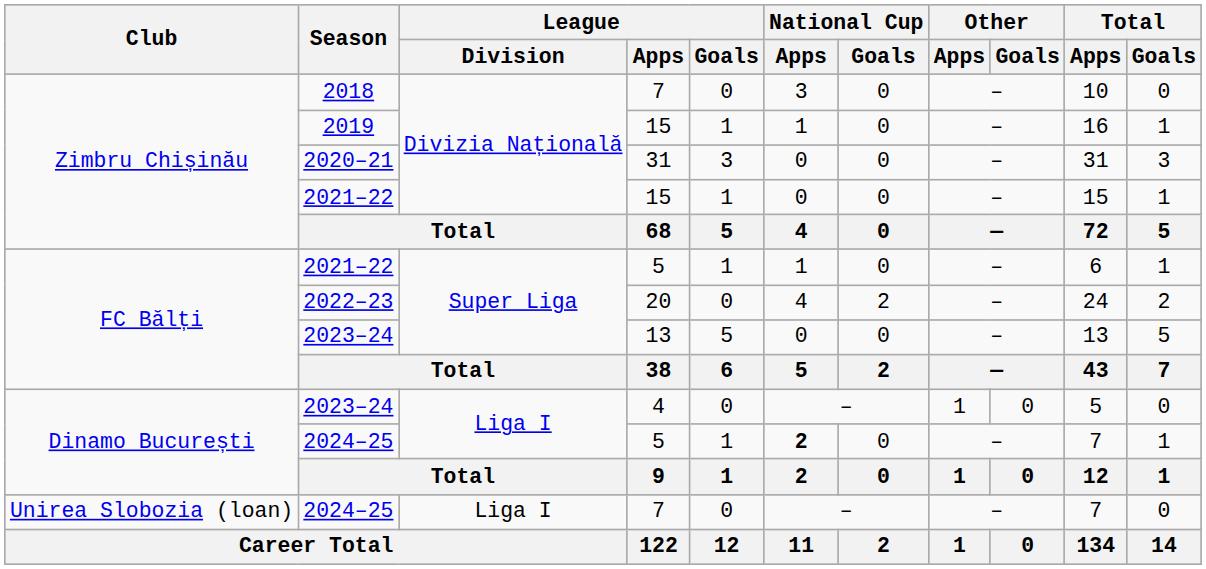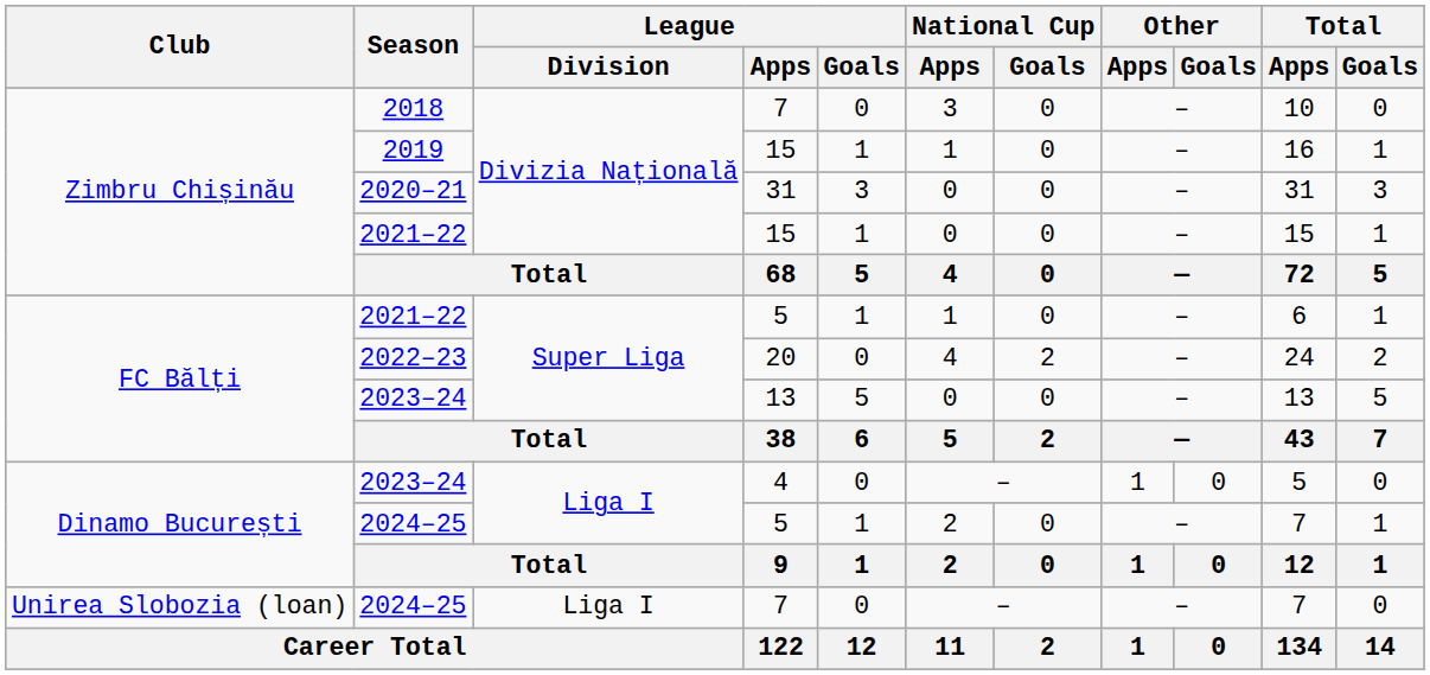 <table class=wikitable style=text-align:center>
 <tr>
 <th rowspan=2>Club</th>
 <th rowspan=2>Season</th>
 <th colspan=3>League</th>
 <th colspan=2>National Cup</th>
 <th colspan=2>Other</th>
 <th colspan=2>Total</th>
 </tr>
 <tr>
 <th>Division</th>
 <th>Apps</th>
 <th>Goals</th>
 <th>Apps</th>
 <th>Goals</th>
 <th>Apps</th>
 <th>Goals</th>
 <th>Apps</th>
 <th>Goals</th>
 </tr>
 <tr>
 <td rowspan="5"><a href='#'>Zimbru Chișinău</a></td>
 <td><a href='#'>2018</a></td>
 <td rowspan="4"><a href='#'>Divizia Națională</a></td>
 <td>7</td>
 <td>0</td>
 <td>3</td>
 <td>0</td>
 <td colspan="2">–</td>
 <td>10</td>
 <td>0</td>
 </tr>
 <tr>
 <td><a href='#'>2019</a></td>
 <td>15</td>
 <td>1</td>
 <td>1</td>
 <td>0</td>
 <td colspan="2">–</td>
 <td>16</td>
 <td>1</td>
 </tr>
 <tr>
 <td><a href='#'>2020–21</a></td>
 <td>31</td>
 <td>3</td>
 <td>0</td>
 <td>0</td>
 <td colspan="2">–</td>
 <td>31</td>
 <td>3</td>
 </tr>
 <tr>
 <td><a href='#'>2021–22</a></td>
 <td>15</td>
 <td>1</td>
 <td>0</td>
 <td>0</td>
 <td colspan="2">–</td>
 <td>15</td>
 <td>1</td>
 </tr>
 <tr>
 <th colspan="2">Total</th>
 <th>68</th>
 <th>5</th>
 <th>4</th>
 <th>0</th>
 <th colspan="2">—</th>
 <th>72</th>
 <th>5</th>
 </tr>
 <tr>
 <td rowspan="4"><a href='#'>FC Bălți</a></td>
 <td rowspan="1"><a href='#'>2021–22</a></td>
 <td rowspan="3"><a href='#'>Super Liga</a></td>
 <td>5</td>
 <td>1</td>
 <td>1</td>
 <td>0</td>
 <td colspan="2">–</td>
 <td>6</td>
 <td>1</td>
 </tr>
 <tr>
 <td rowspan="1"><a href='#'>2022–23</a></td>
 <td>20</td>
 <td>0</td>
 <td>4</td>
 <td>2</td>
 <td colspan="2">–</td>
 <td>24</td>
 <td>2</td>
 </tr>
 <tr>
 <td rowspan="1"><a href='#'>2023–24</a></td>
 <td>13</td>
 <td>5</td>
 <td>0</td>
 <td>0</td>
 <td colspan="2">–</td>
 <td>13</td>
 <td>5</td>
 </tr>
 <tr>
 <th colspan="2">Total</th>
 <th>38</th>
 <th>6</th>
 <th>5</th>
 <th>2</th>
 <th colspan="2">—</th>
 <th>43</th>
 <th>7</th>
 </tr>
 <tr>
 <td rowspan="3"><a href='#'>Dinamo București</a></td>
 <td><a href='#'>2023–24</a></td>
 <td rowspan="2"><a href='#'>Liga I</a></td>
 <td>4</td>
 <td>0</td>
 <td colspan="2">–</td>
 <td>1</td>
 <td>0</td>
 <td>5</td>
 <td>0</td>
 </tr>
 <tr>
 <td><a href='#'>2024–25</a></td>
 <td>5</td>
 <td>1</td>
-<td><strong>2</strong></td>
+<td>2</td>
 <td>0</td>
 <td colspan="2">–</td>
 <td>7</td>
 <td>1</td>
 </tr>
 <tr>
 <th colspan="2">Total</th>
 <th>9</th>
 <th>1</th>
 <th>2</th>
 <th>0</th>
 <th>1</th>
 <th>0</th>
 <th>12</th>
 <th>1</th>
 </tr>
 <tr>
 <td rowspan="1"><a href='#'>Unirea Slobozia</a> (loan)</td>
 <td><a href='#'>2024–25</a></td>
 <td rowspan="1">Liga I</td>
 <td>7</td>
 <td>0</td>
 <td colspan="2">–</td>
 <td colspan="2">–</td>
 <td>7</td>
 <td>0</td>
 </tr>
 <tr>
 <th colspan="3">Career Total</th>
 <th>122</th>
 <th>12</th>
 <th>11</th>
 <th>2</th>
 <th>1</th>
 <th>0</th>
 <th>134</th>
 <th>14</th>
 </tr>
 </table>
